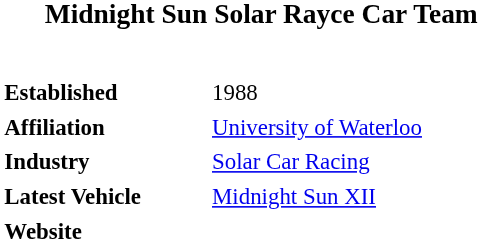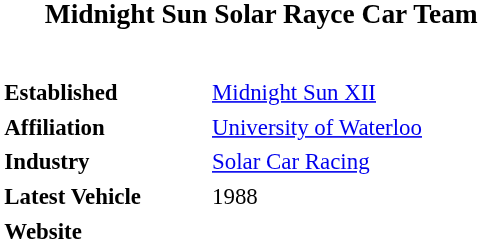 <table class="toccolours" cellspacing="3" style="float: right; margin-left: 1em; width: 23em; font-size: 90%">
 <tr>
 <td colspan="2" style="font-weight: bold; text-align: center; font-size: larger;"><strong>Midnight Sun Solar Rayce Car Team</strong></td>
 </tr>
 <tr>
 <td colspan="2" style="text-align:center;"><br></td>
 </tr>
 <tr>
 </tr>
 <tr style="vertical-align:top;">
 <td style="font-weight:bold">Established</td>
-<td>1988</td>
+<td><a href='#'>Midnight Sun XII</a></td>
 </tr>
 <tr style="vertical-align:top;">
 <td style="font-weight:bold">Affiliation</td>
 <td><a href='#'>University of Waterloo</a></td>
 </tr>
 <tr style="vertical-align:top;">
 <td style="font-weight:bold">Industry</td>
 <td><a href='#'>Solar Car Racing</a></td>
 </tr>
 <tr style="vertical-align:top;">
 <td style="font-weight:bold">Latest Vehicle</td>
-<td><a href='#'>Midnight Sun XII</a></td>
+<td>1988</td>
 </tr>
 <tr style="vertical-align:top;">
 <td style="font-weight:bold">Website</td>
 <td></td>
 </tr>
 </table>
